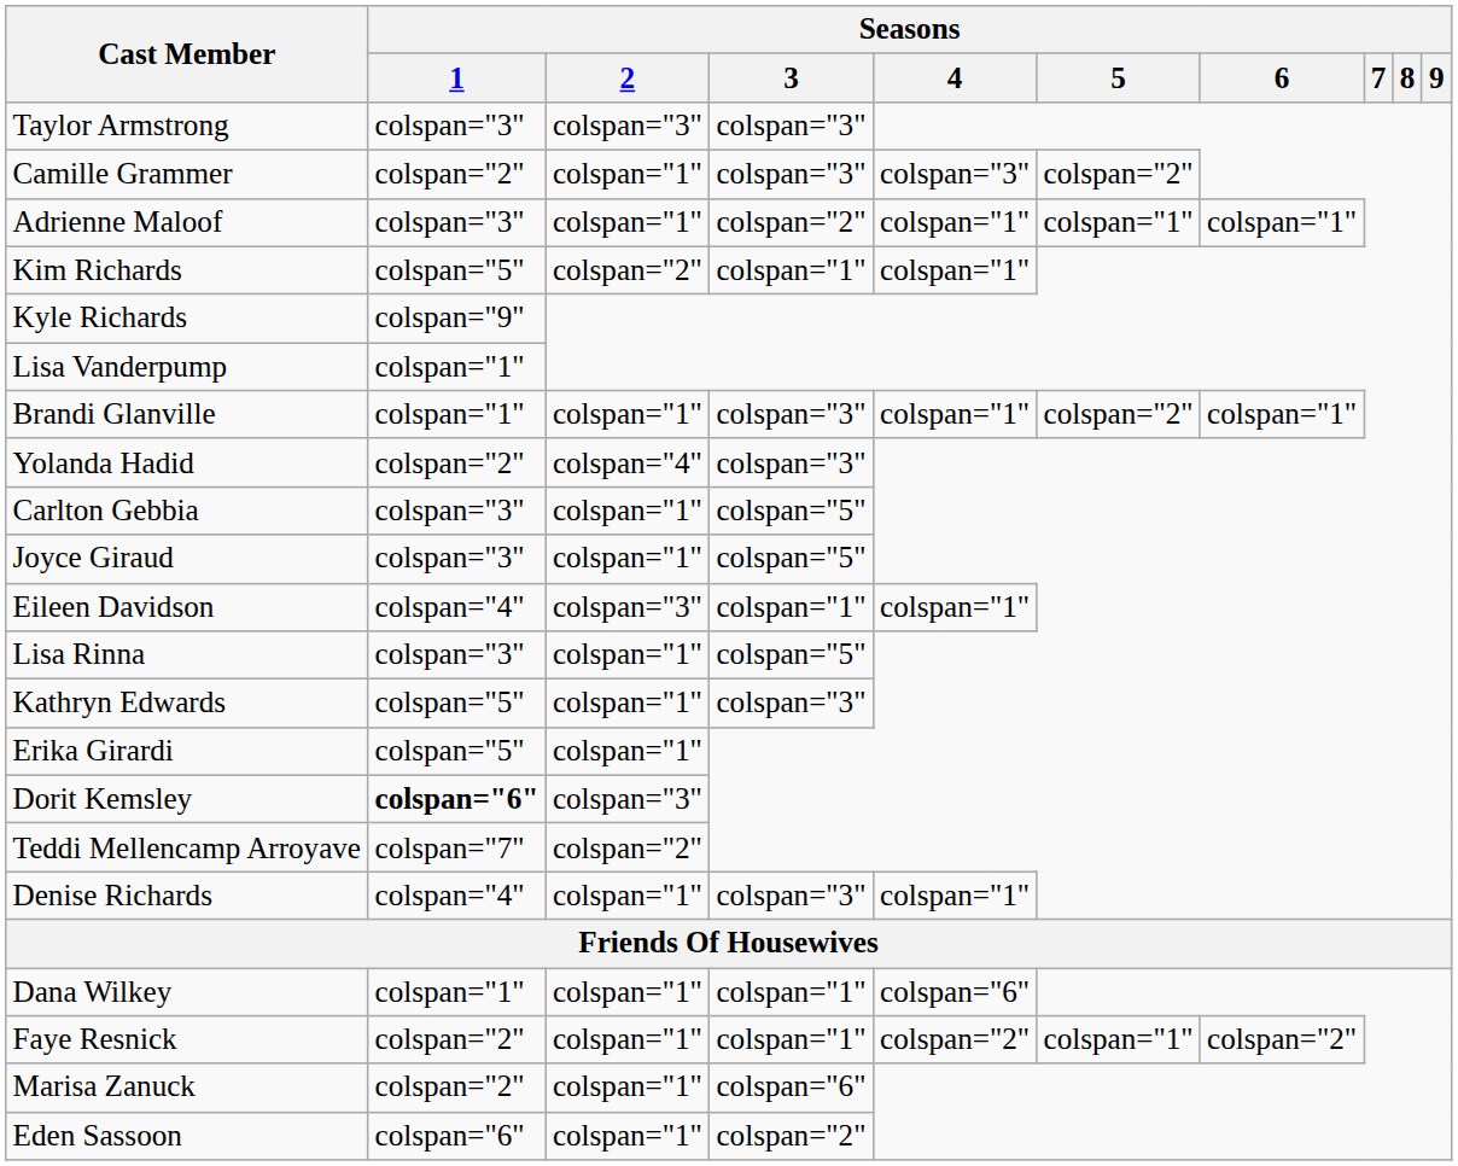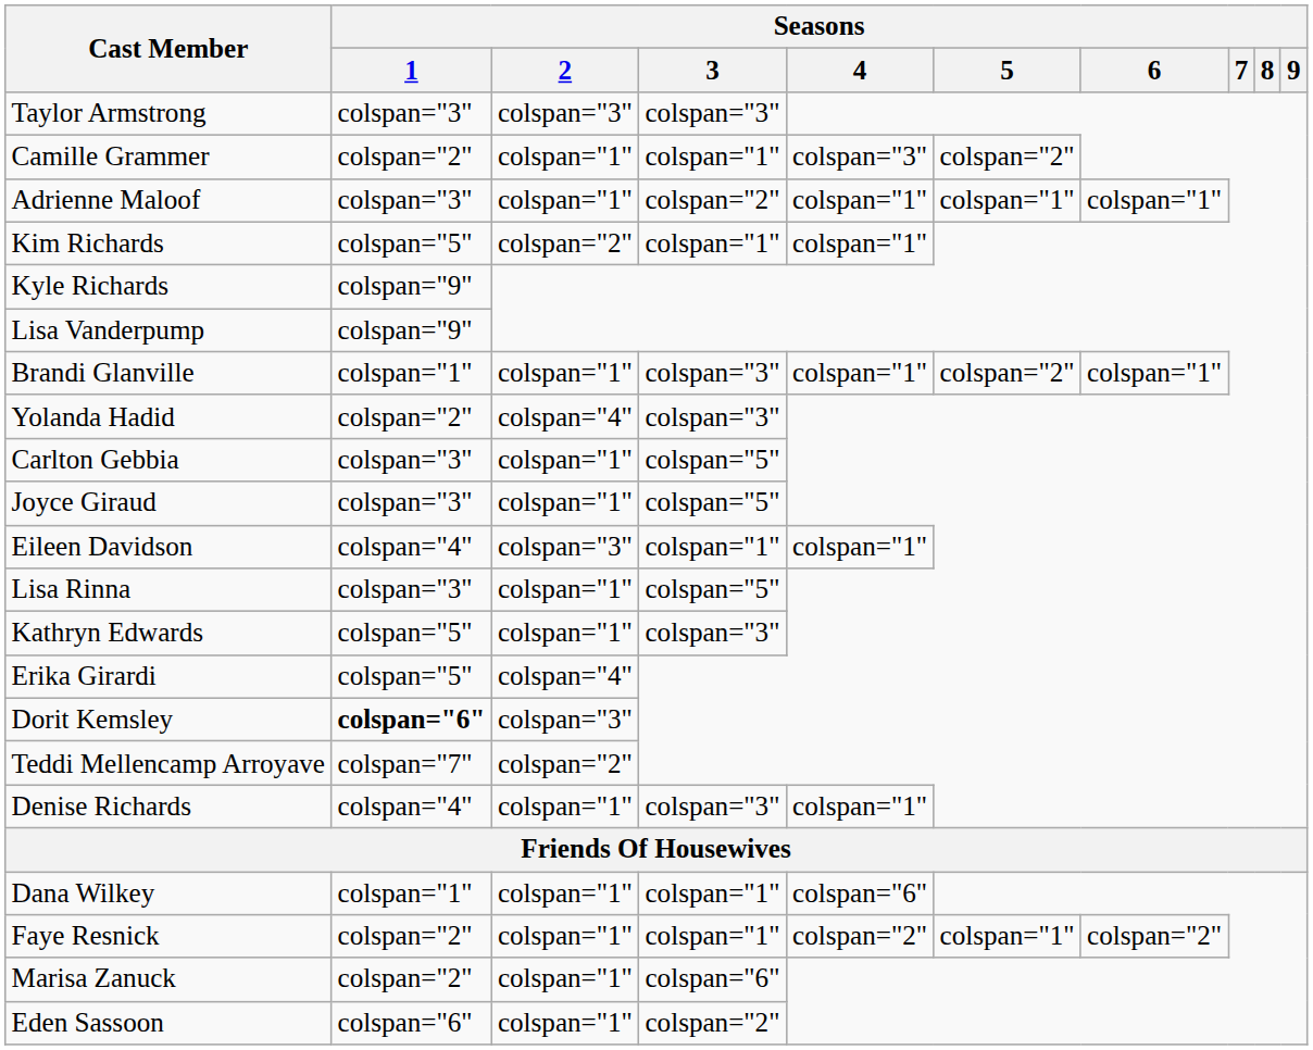 <table class="wikitable plainrowheaders" style="width:35%;">
 <tr>
 <th scope="col" rowspan="2" style="width:10%;">Cast Member</th>
 <th scope="col" colspan="9">Seasons</th>
 </tr>
 <tr>
 <th style="width:10%;"><a href='#'>1</a></th>
 <th style="width:10%;"><a href='#'>2</a></th>
 <th>3</th>
 <th>4</th>
 <th>5</th>
 <th>6</th>
 <th>7</th>
 <th>8</th>
 <th>9</th>
 </tr>
 <tr>
 <td nowrap="">Taylor Armstrong</td>
 <td>colspan="3" </td>
 <td>colspan="3" </td>
 <td>colspan="3" </td>
 </tr>
 <tr>
 <td nowrap="">Camille Grammer</td>
 <td>colspan="2" </td>
 <td>colspan="1" </td>
-<td>colspan="3" </td>
+<td>colspan="1" </td>
 <td>colspan="3" </td>
 <td>colspan="2" </td>
 </tr>
 <tr>
 <td>Adrienne Maloof</td>
 <td>colspan="3" </td>
 <td>colspan="1" </td>
 <td>colspan="2" </td>
 <td>colspan="1" </td>
 <td>colspan="1" </td>
 <td>colspan="1" </td>
 </tr>
 <tr>
 <td>Kim Richards</td>
 <td>colspan="5" </td>
 <td>colspan="2" </td>
 <td>colspan="1" </td>
 <td>colspan="1" </td>
 </tr>
 <tr>
 <td>Kyle Richards</td>
 <td>colspan="9" </td>
 </tr>
 <tr>
 <td nowrap="">Lisa Vanderpump</td>
-<td>colspan="1" </td>
+<td>colspan="9" </td>
 </tr>
 <tr>
 <td>Brandi Glanville</td>
 <td>colspan="1" </td>
 <td>colspan="1" </td>
 <td>colspan="3" </td>
 <td>colspan="1" </td>
 <td>colspan="2" </td>
 <td>colspan="1" </td>
 </tr>
 <tr>
 <td>Yolanda Hadid</td>
 <td>colspan="2" </td>
 <td>colspan="4" </td>
 <td>colspan="3" </td>
 </tr>
 <tr>
 <td>Carlton Gebbia</td>
 <td>colspan="3" </td>
 <td>colspan="1" </td>
 <td>colspan="5" </td>
 </tr>
 <tr>
 <td>Joyce Giraud</td>
 <td>colspan="3" </td>
 <td>colspan="1" </td>
 <td>colspan="5" </td>
 </tr>
 <tr>
 <td>Eileen Davidson</td>
 <td>colspan="4" </td>
 <td>colspan="3" </td>
 <td>colspan="1" </td>
 <td>colspan="1" </td>
 </tr>
 <tr>
 <td>Lisa Rinna</td>
 <td>colspan="3" </td>
 <td>colspan="1" </td>
 <td>colspan="5" </td>
 </tr>
 <tr>
 <td>Kathryn Edwards</td>
 <td>colspan="5" </td>
 <td>colspan="1" </td>
 <td>colspan="3"  </td>
 </tr>
 <tr>
 <td>Erika Girardi</td>
 <td>colspan="5" </td>
-<td>colspan="1" </td>
+<td>colspan="4" </td>
 </tr>
 <tr>
 <td>Dorit Kemsley</td>
 <td><strong>colspan="6" </strong></td>
 <td>colspan="3" </td>
 </tr>
 <tr>
 <td nowrap="">Teddi Mellencamp Arroyave</td>
 <td>colspan="7" </td>
 <td>colspan="2" </td>
 </tr>
 <tr>
 <td>Denise Richards</td>
 <td>colspan="4" </td>
 <td>colspan="1" </td>
 <td>colspan="3" </td>
 <td>colspan="1" </td>
 </tr>
 <tr>
 <th colspan="10">Friends Of Housewives</th>
 </tr>
 <tr>
 <td>Dana Wilkey</td>
 <td>colspan="1" </td>
 <td>colspan="1" </td>
 <td>colspan="1" </td>
 <td>colspan="6" </td>
 </tr>
 <tr>
 <td>Faye Resnick</td>
 <td>colspan="2" </td>
 <td>colspan="1" </td>
 <td>colspan="1" </td>
 <td>colspan="2" </td>
 <td>colspan="1" </td>
 <td>colspan="2" </td>
 </tr>
 <tr>
 <td>Marisa Zanuck</td>
 <td>colspan="2" </td>
 <td>colspan="1" </td>
 <td>colspan="6" </td>
 </tr>
 <tr>
 <td>Eden Sassoon</td>
 <td>colspan="6" </td>
 <td>colspan="1" </td>
 <td>colspan="2" </td>
 </tr>
 </table>
